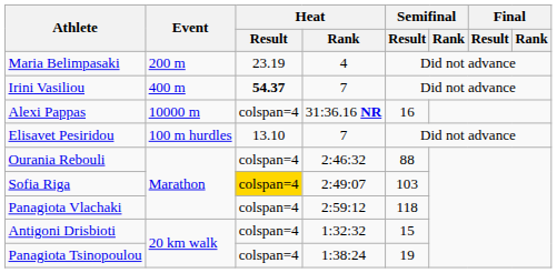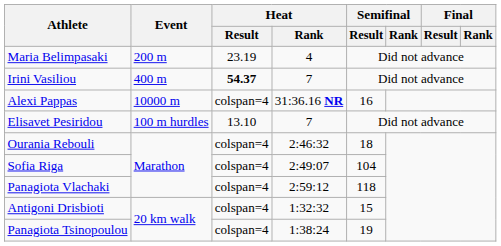 <table class="wikitable" style="font-size:90%">
 <tr>
 <th rowspan="2">Athlete</th>
 <th rowspan="2">Event</th>
 <th colspan="2">Heat</th>
 <th colspan="2">Semifinal</th>
 <th colspan="2">Final</th>
 </tr>
 <tr style="font-size:95%">
 <th>Result</th>
 <th>Rank</th>
 <th>Result</th>
 <th>Rank</th>
 <th>Result</th>
 <th>Rank</th>
 </tr>
 <tr align=center>
 <td align=left><a href='#'>Maria Belimpasaki</a></td>
 <td align=left><a href='#'>200 m</a></td>
 <td>23.19</td>
 <td>4</td>
 <td colspan=4>Did not advance</td>
 </tr>
 <tr align=center>
 <td align=left><a href='#'>Irini Vasiliou</a></td>
 <td align=left><a href='#'>400 m</a></td>
 <td><strong>54.37</strong></td>
 <td>7</td>
 <td colspan=4>Did not advance</td>
 </tr>
 <tr align=center>
 <td align=left><a href='#'>Alexi Pappas</a></td>
 <td align=left><a href='#'>10000 m</a></td>
 <td>colspan=4 </td>
 <td>31:36.16 <strong><a href='#'>NR</a></strong></td>
 <td>16</td>
 </tr>
 <tr align=center>
 <td align=left><a href='#'>Elisavet Pesiridou</a></td>
 <td align=left><a href='#'>100 m hurdles</a></td>
 <td>13.10</td>
 <td>7</td>
 <td colspan=4>Did not advance</td>
 </tr>
 <tr align=center>
 <td align=left><a href='#'>Ourania Rebouli</a></td>
 <td align=left rowspan=3><a href='#'>Marathon</a></td>
 <td>colspan=4 </td>
 <td>2:46:32</td>
-<td>88</td>
+<td>18</td>
 </tr>
 <tr align=center>
 <td align=left><a href='#'>Sofia Riga</a></td>
-<td style="background: gold;">colspan=4 </td>
+<td>colspan=4 </td>
 <td>2:49:07</td>
-<td>103</td>
+<td>104</td>
 </tr>
 <tr align=center>
 <td align=left><a href='#'>Panagiota Vlachaki</a></td>
 <td>colspan=4 </td>
 <td>2:59:12</td>
 <td>118</td>
 </tr>
 <tr align=center>
 <td align=left><a href='#'>Antigoni Drisbioti</a></td>
 <td align=left rowspan=2><a href='#'>20 km walk</a></td>
 <td>colspan=4 </td>
 <td>1:32:32</td>
 <td>15</td>
 </tr>
 <tr align=center>
 <td align=left><a href='#'>Panagiota Tsinopoulou</a></td>
 <td>colspan=4 </td>
 <td>1:38:24</td>
 <td>19</td>
 </tr>
 </table>
